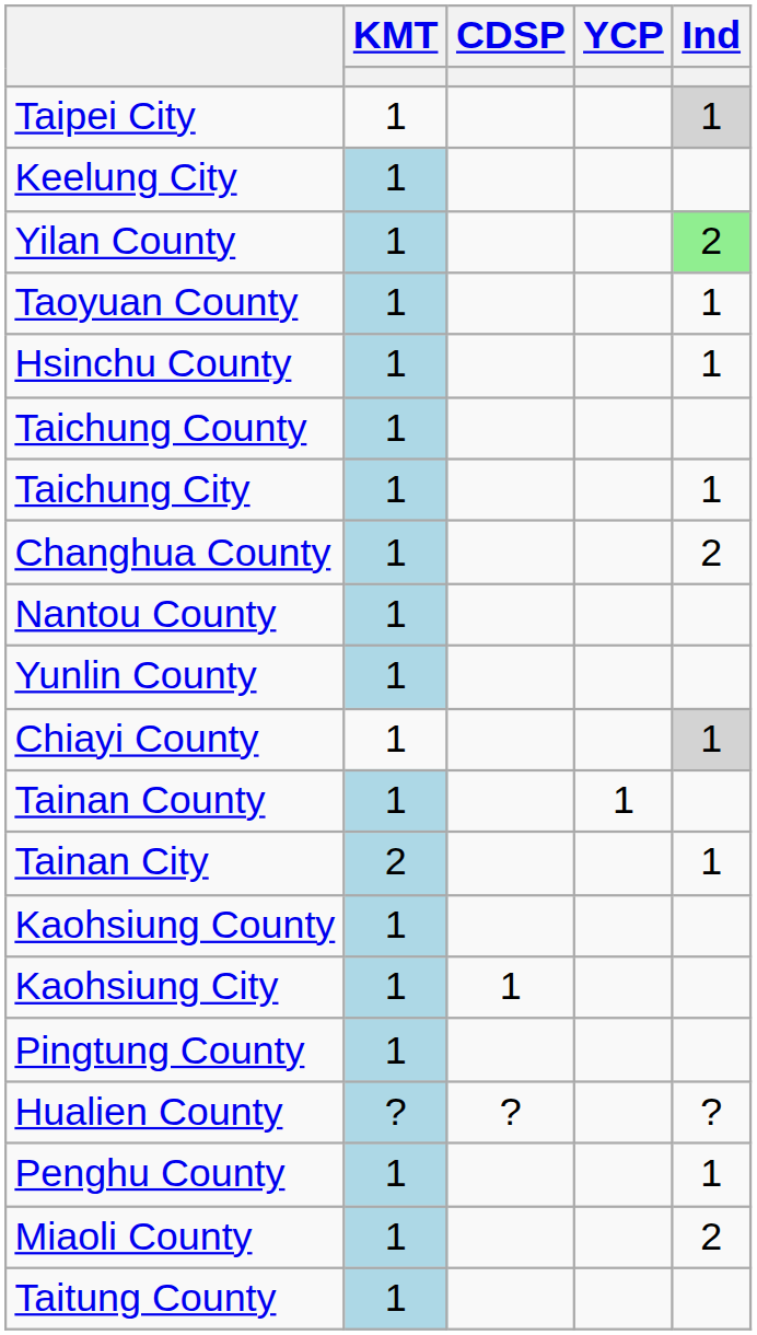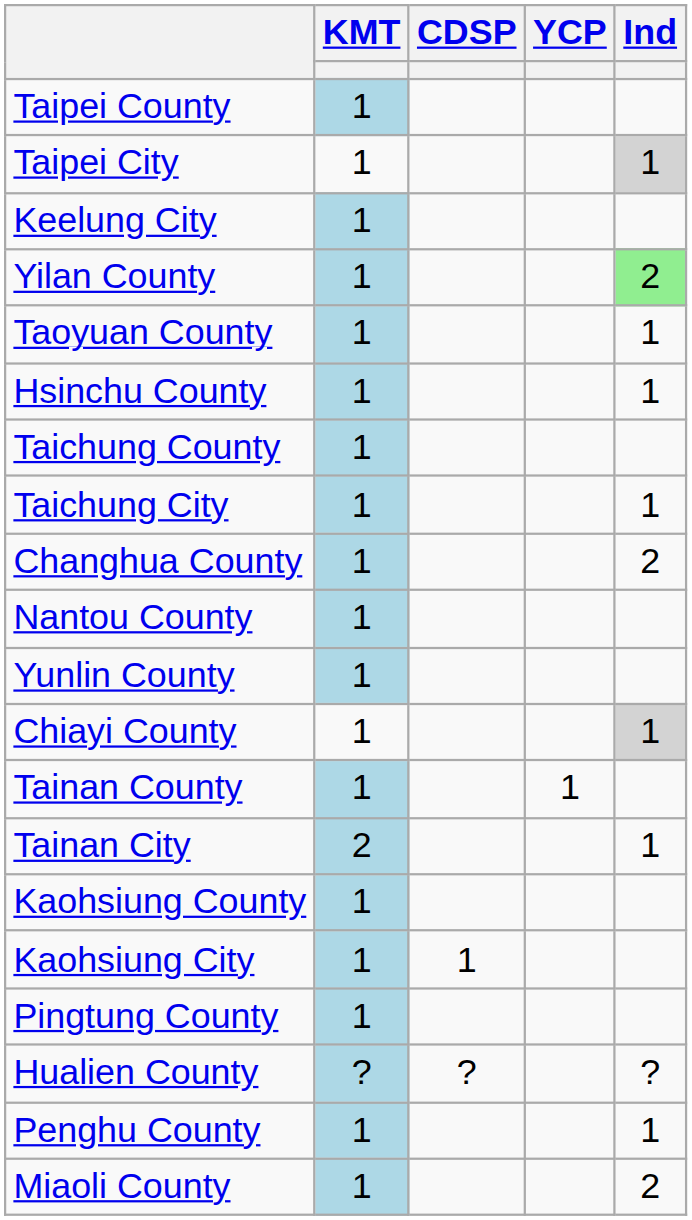 <table class="wikitable" style="text-align:center;">
 <tr>
 <th rowspan="2"></th>
 <th><a href='#'>KMT</a></th>
 <th><a href='#'>CDSP</a></th>
 <th><a href='#'>YCP</a></th>
 <th><a href='#'>Ind</a></th>
 </tr>
 <tr>
 <th style="background:"></th>
 <th style="background:"></th>
 <th style="background:"></th>
 <th style="background:"></th>
+</tr>
+<tr>
+<td align="left"><a href='#'>Taipei County</a></td>
+<td bgcolor="lightblue">1</td>
+<td></td>
+<td></td>
+<td></td>
 </tr>
 <tr>
 <td align="left"><a href='#'>Taipei City</a></td>
 <td>1</td>
 <td></td>
 <td></td>
 <td bgcolor="lightgray">1</td>
 </tr>
 <tr>
 <td align="left"><a href='#'>Keelung City</a></td>
 <td bgcolor="lightblue">1</td>
 <td></td>
 <td></td>
 <td></td>
 </tr>
 <tr>
 <td align="left"><a href='#'>Yilan County</a></td>
 <td bgcolor="lightblue">1</td>
 <td></td>
 <td></td>
 <td style="background: lightgreen;">2</td>
 </tr>
 <tr>
 <td align="left"><a href='#'>Taoyuan County</a></td>
 <td bgcolor="lightblue">1</td>
 <td></td>
 <td></td>
 <td>1</td>
 </tr>
 <tr>
 <td align="left"><a href='#'>Hsinchu County</a></td>
 <td bgcolor="lightblue">1</td>
 <td></td>
 <td></td>
 <td>1</td>
 </tr>
 <tr>
 <td align="left"><a href='#'>Taichung County</a></td>
 <td bgcolor="lightblue">1</td>
 <td></td>
 <td></td>
 <td></td>
 </tr>
 <tr>
 <td align="left"><a href='#'>Taichung City</a></td>
 <td bgcolor="lightblue">1</td>
 <td></td>
 <td></td>
 <td>1</td>
 </tr>
 <tr>
 <td align="left"><a href='#'>Changhua County</a></td>
 <td bgcolor="lightblue">1</td>
 <td></td>
 <td></td>
 <td>2</td>
 </tr>
 <tr>
 <td align="left"><a href='#'>Nantou County</a></td>
 <td bgcolor="lightblue">1</td>
 <td></td>
 <td></td>
 <td></td>
 </tr>
 <tr>
 <td align="left"><a href='#'>Yunlin County</a></td>
 <td bgcolor="lightblue">1</td>
 <td></td>
 <td></td>
 <td></td>
 </tr>
 <tr>
 <td align="left"><a href='#'>Chiayi County</a></td>
 <td>1</td>
 <td></td>
 <td></td>
 <td bgcolor="lightgray">1</td>
 </tr>
 <tr>
 <td align="left"><a href='#'>Tainan County</a></td>
 <td bgcolor="lightblue">1</td>
 <td></td>
 <td>1</td>
 <td></td>
 </tr>
 <tr>
 <td align="left"><a href='#'>Tainan City</a></td>
 <td bgcolor="lightblue">2</td>
 <td></td>
 <td></td>
 <td>1</td>
 </tr>
 <tr>
 <td align="left"><a href='#'>Kaohsiung County</a></td>
 <td bgcolor="lightblue">1</td>
 <td></td>
 <td></td>
 <td></td>
 </tr>
 <tr>
 <td align="left"><a href='#'>Kaohsiung City</a></td>
 <td bgcolor="lightblue">1</td>
 <td>1</td>
 <td></td>
 <td></td>
 </tr>
 <tr>
 <td align="left"><a href='#'>Pingtung County</a></td>
 <td bgcolor="lightblue">1</td>
 <td></td>
 <td></td>
 <td></td>
 </tr>
 <tr>
 <td align="left"><a href='#'>Hualien County</a></td>
 <td bgcolor="lightblue">?</td>
 <td>?</td>
 <td></td>
 <td>?</td>
 </tr>
 <tr>
 <td align="left"><a href='#'>Penghu County</a></td>
 <td bgcolor="lightblue">1</td>
 <td></td>
 <td></td>
 <td>1</td>
 </tr>
 <tr>
 <td align="left"><a href='#'>Miaoli County</a></td>
 <td bgcolor="lightblue">1</td>
 <td></td>
 <td></td>
 <td>2</td>
 </tr>
-<tr>
-<td align="left"><a href='#'>Taitung County</a></td>
-<td bgcolor="lightblue">1</td>
-<td></td>
-<td></td>
-<td></td>
-</tr>
 </table>
